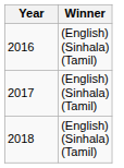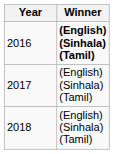 <table class="wikitable sortable mw-collapsible mw-collapsed">
 <tr>
 <th width="50%">Year</th>
 <th width="50%">Winner</th>
 </tr>
 <tr>
 <td>2016</td>
-<td>(English) <br>(Sinhala) <br>(Tamil) </td>
+<td><strong>(English) <br>(Sinhala) <br>(Tamil) </strong></td>
 </tr>
 <tr>
 <td>2017</td>
 <td>(English) <br>(Sinhala) <br>(Tamil) </td>
 </tr>
 <tr>
 <td>2018</td>
 <td>(English) <br>(Sinhala) <br>(Tamil) </td>
 </tr>
 </table>
